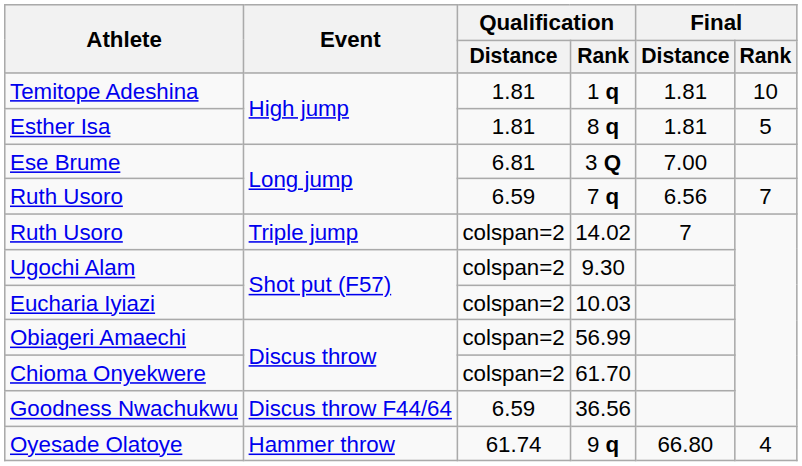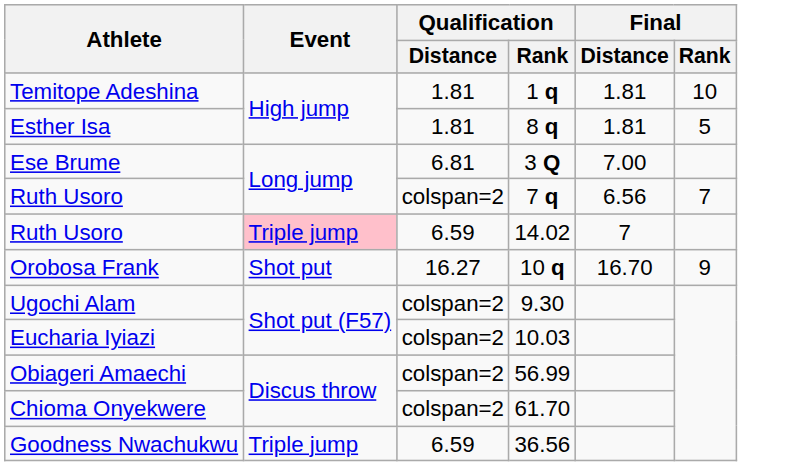 <table class="wikitable" style="font-size:90%; text-align:center">
 <tr>
 <th rowspan=2>Athlete</th>
 <th rowspan=2>Event</th>
 <th colspan=2>Qualification</th>
 <th colspan=2>Final</th>
 </tr>
 <tr style="font-size:95%">
 <th>Distance</th>
 <th>Rank</th>
 <th>Distance</th>
 <th>Rank</th>
 </tr>
 <tr>
 <td align=left><a href='#'>Temitope Adeshina</a></td>
 <td align=left rowspan=2><a href='#'>High jump</a></td>
 <td>1.81</td>
 <td>1 <strong>q</strong></td>
 <td>1.81</td>
 <td>10</td>
 </tr>
 <tr>
 <td align=left><a href='#'>Esther Isa</a></td>
 <td>1.81</td>
 <td>8 <strong>q</strong></td>
 <td>1.81</td>
 <td>5</td>
 </tr>
 <tr>
 <td align=left><a href='#'>Ese Brume</a></td>
 <td align=left rowspan=2><a href='#'>Long jump</a></td>
 <td>6.81</td>
 <td>3 <strong>Q</strong></td>
 <td>7.00</td>
 <td></td>
 </tr>
 <tr>
 <td align=left><a href='#'>Ruth Usoro</a></td>
-<td>6.59</td>
+<td>colspan=2 </td>
 <td>7 <strong>q</strong></td>
 <td>6.56</td>
 <td>7</td>
 </tr>
 <tr>
 <td align=left><a href='#'>Ruth Usoro</a></td>
-<td align=left rowspan=1><a href='#'>Triple jump</a></td>
-<td>colspan=2 </td>
+<td align=left rowspan=1 style="background: pink;"><a href='#'>Triple jump</a></td>
+<td>6.59</td>
 <td>14.02</td>
 <td>7</td>
+</tr>
+<tr>
+<td align=left><a href='#'>Orobosa Frank</a></td>
+<td align=left rowspan=1><a href='#'>Shot put</a></td>
+<td>16.27</td>
+<td>10 <strong>q</strong></td>
+<td>16.70</td>
+<td>9</td>
 </tr>
 <tr>
 <td align=left><a href='#'>Ugochi Alam</a></td>
 <td align=left rowspan=2><a href='#'>Shot put (F57)</a></td>
 <td>colspan=2 </td>
 <td>9.30</td>
 <td></td>
 </tr>
 <tr>
 <td align=left><a href='#'>Eucharia Iyiazi</a></td>
 <td>colspan=2 </td>
 <td>10.03</td>
 <td></td>
 </tr>
 <tr>
 <td align=left><a href='#'>Obiageri Amaechi</a></td>
 <td align=left rowspan=2><a href='#'>Discus throw</a></td>
 <td>colspan=2 </td>
 <td>56.99</td>
 <td></td>
 </tr>
 <tr>
 <td align=left><a href='#'>Chioma Onyekwere</a></td>
 <td>colspan=2 </td>
 <td>61.70</td>
 <td></td>
 </tr>
 <tr>
 <td align=left><a href='#'>Goodness Nwachukwu</a></td>
-<td align=left><a href='#'>Discus throw F44/64</a></td>
+<td align=left rowspan=1><a href='#'>Triple jump</a></td>
 <td>6.59</td>
 <td>36.56</td>
 <td></td>
 </tr>
-<tr>
-<td align=left><a href='#'>Oyesade Olatoye</a></td>
-<td align=left rowspan=1><a href='#'>Hammer throw</a></td>
-<td>61.74</td>
-<td>9 <strong>q</strong></td>
-<td>66.80</td>
-<td>4</td>
-</tr>
 </table>
